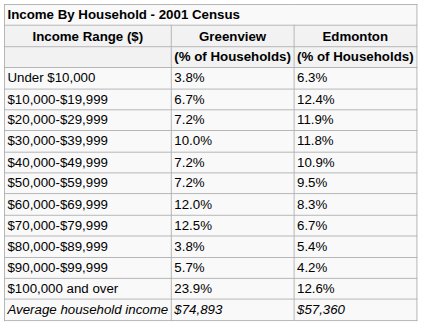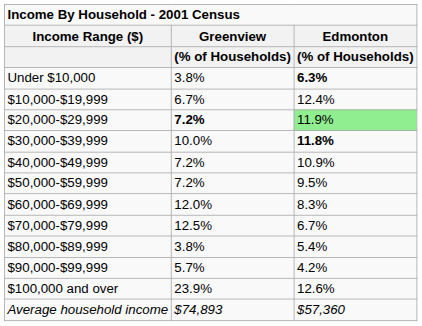 <table class="wikitable">
 <tr>
 <td colspan="3"><strong>Income By Household - 2001 Census</strong></td>
 </tr>
 <tr>
 <th>Income Range ($)</th>
 <th>Greenview</th>
 <th>Edmonton</th>
 </tr>
 <tr>
 <th></th>
 <th>(% of Households)</th>
 <th>(% of Households)</th>
 </tr>
 <tr>
 <td>Under $10,000</td>
 <td>3.8%</td>
-<td>6.3%</td>
+<td><strong>6.3%</strong></td>
 </tr>
 <tr>
 <td>$10,000-$19,999</td>
 <td>6.7%</td>
 <td>12.4%</td>
 </tr>
 <tr>
 <td>$20,000-$29,999</td>
-<td>7.2%</td>
-<td>11.9%</td>
+<td><strong>7.2%</strong></td>
+<td style="background: lightgreen;">11.9%</td>
 </tr>
 <tr>
 <td>$30,000-$39,999</td>
 <td>10.0%</td>
-<td>11.8%</td>
+<td><strong>11.8%</strong></td>
 </tr>
 <tr>
 <td>$40,000-$49,999</td>
 <td>7.2%</td>
 <td>10.9%</td>
 </tr>
 <tr>
 <td>$50,000-$59,999</td>
 <td>7.2%</td>
 <td>9.5%</td>
 </tr>
 <tr>
 <td>$60,000-$69,999</td>
 <td>12.0%</td>
 <td>8.3%</td>
 </tr>
 <tr>
 <td>$70,000-$79,999</td>
 <td>12.5%</td>
 <td>6.7%</td>
 </tr>
 <tr>
 <td>$80,000-$89,999</td>
 <td>3.8%</td>
 <td>5.4%</td>
 </tr>
 <tr>
 <td>$90,000-$99,999</td>
 <td>5.7%</td>
 <td>4.2%</td>
 </tr>
 <tr>
 <td>$100,000 and over</td>
 <td>23.9%</td>
 <td>12.6%</td>
 </tr>
 <tr>
 <td><em>Average household income</em></td>
 <td><em>$74,893</em></td>
 <td><em>$57,360</em></td>
 </tr>
 </table>
